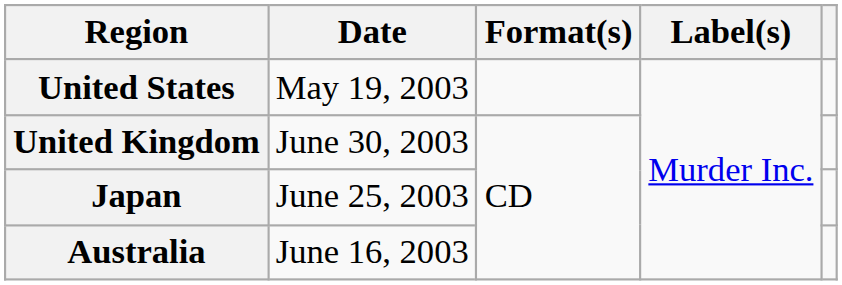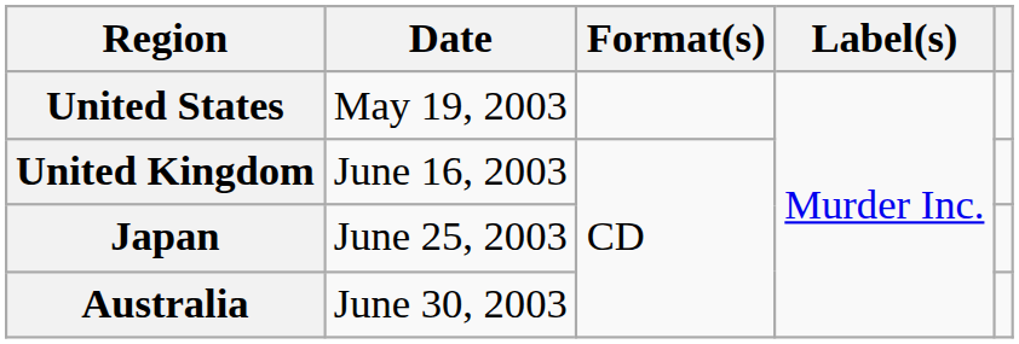 <table class="wikitable plainrowheaders">
 <tr>
 <th scope="col">Region</th>
 <th scope="col">Date</th>
 <th scope="col">Format(s)</th>
 <th scope="col">Label(s)</th>
 <th scope="col"></th>
 </tr>
 <tr>
 <th scope="row">United States</th>
 <td>May 19, 2003</td>
 <td></td>
 <td rowspan="4"><a href='#'>Murder Inc.</a></td>
 <td align="center"></td>
 </tr>
 <tr>
 <th scope="row">United Kingdom</th>
-<td>June 30, 2003</td>
+<td>June 16, 2003</td>
 <td rowspan="3">CD</td>
 <td align="center"></td>
 </tr>
 <tr>
 <th scope="row">Japan</th>
 <td>June 25, 2003</td>
 <td align="center"></td>
 </tr>
 <tr>
 <th scope="row">Australia</th>
-<td>June 16, 2003</td>
+<td>June 30, 2003</td>
 <td align="center"></td>
 </tr>
 </table>
